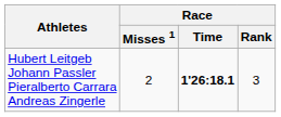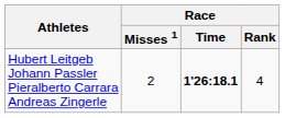 <table class="wikitable" border="1" style="font-size:90%">
 <tr>
 <th rowspan=2>Athletes</th>
 <th colspan=3>Race</th>
 </tr>
 <tr>
 <th>Misses <sup>1</sup></th>
 <th>Time</th>
 <th>Rank</th>
 </tr>
 <tr>
 <td><a href='#'>Hubert Leitgeb</a><br><a href='#'>Johann Passler</a><br><a href='#'>Pieralberto Carrara</a><br><a href='#'>Andreas Zingerle</a></td>
 <td align=center>2</td>
 <td align=center><strong>1'26:18.1</strong></td>
-<td align=center>3</td>
+<td align=center>4</td>
 </tr>
 </table>
